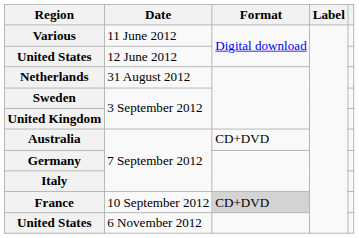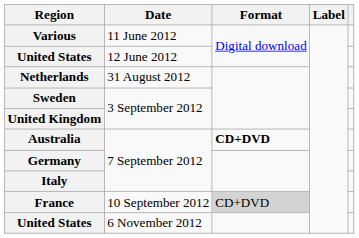 <table class="wikitable plainrowheaders">
 <tr>
 <th scope="col">Region</th>
 <th scope="col">Date</th>
 <th scope="col">Format</th>
 <th scope="col">Label</th>
 <th scope="col"></th>
 </tr>
 <tr>
 <th scope="row">Various </th>
 <td>11 June 2012</td>
 <td rowspan="2"><a href='#'>Digital download</a></td>
 <td rowspan="10"></td>
 <td align="center"></td>
 </tr>
 <tr>
 <th scope="row">United States</th>
 <td>12 June 2012</td>
 <td align="center"></td>
 </tr>
 <tr>
 <th scope="row">Netherlands</th>
 <td>31 August 2012</td>
 <td rowspan="3"></td>
 <td align="center"></td>
 </tr>
 <tr>
 <th scope="row">Sweden</th>
 <td rowspan="2">3 September 2012</td>
 <td align="center"></td>
 </tr>
 <tr>
 <th scope="row">United Kingdom</th>
 <td align="center"></td>
 </tr>
 <tr>
 <th scope="row">Australia</th>
 <td rowspan="3">7 September 2012</td>
-<td>CD+DVD</td>
+<td><strong>CD+DVD</strong></td>
 <td align="center"></td>
 </tr>
 <tr>
 <th scope="row">Germany</th>
 <td rowspan="2"></td>
 <td align="center"></td>
 </tr>
 <tr>
 <th scope="row">Italy</th>
 <td align="center"></td>
 </tr>
 <tr>
 <th scope="row">France</th>
 <td>10 September 2012</td>
 <td style="background: lightgrey;">CD+DVD</td>
 <td align="center"></td>
 </tr>
 <tr>
 <th scope="row">United States</th>
 <td>6 November 2012</td>
 <td></td>
 <td align="center"></td>
 </tr>
 </table>
